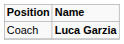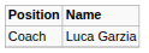 <table class="wikitable">
 <tr>
 <td><strong>Position</strong></td>
 <td><strong>Name</strong></td>
 </tr>
 <tr>
 <td>Coach</td>
-<td><strong> Luca Garzia</strong></td>
+<td> Luca Garzia</td>
 </tr>
 <tr>
 </tr>
 </table>
